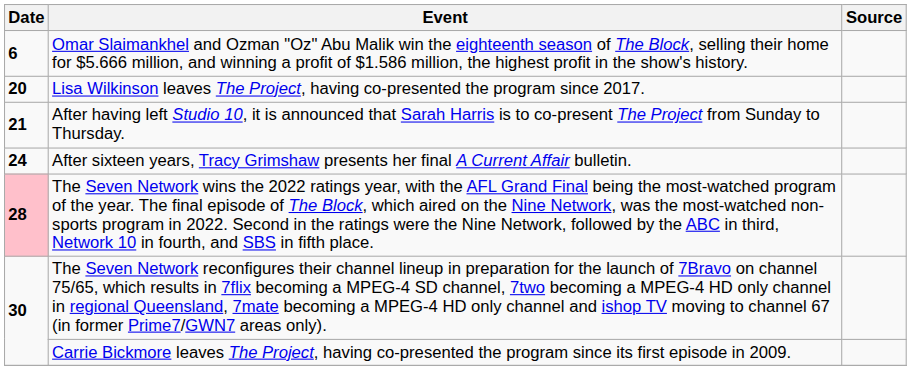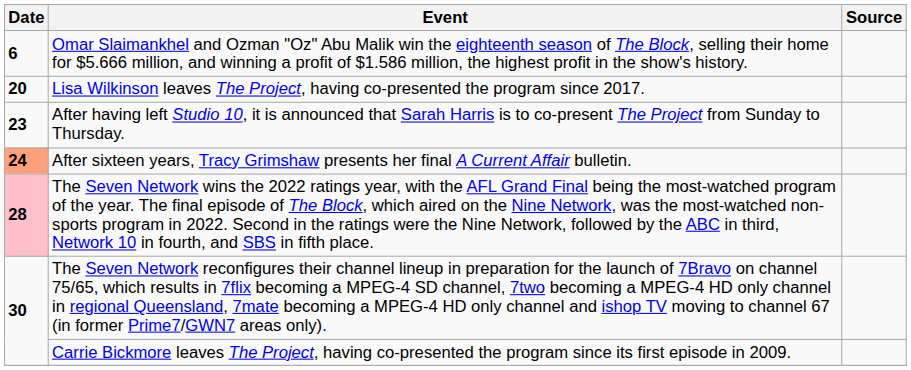 <table class="wikitable">
 <tr>
 <th>Date</th>
 <th>Event</th>
 <th>Source</th>
 </tr>
 <tr>
 <td><strong>6</strong></td>
 <td><a href='#'>Omar Slaimankhel</a> and Ozman "Oz" Abu Malik win the <a href='#'>eighteenth season</a> of <em><a href='#'>The Block</a></em>, selling their home for $5.666 million, and winning a profit of $1.586 million, the highest profit in the show's history.</td>
 <td></td>
 </tr>
 <tr>
 <td><strong>20</strong></td>
 <td><a href='#'>Lisa Wilkinson</a> leaves <em><a href='#'>The Project</a></em>, having co-presented the program since 2017.</td>
 <td></td>
 </tr>
 <tr>
-<td><strong>21</strong></td>
+<td><strong>23</strong></td>
 <td>After having left <em><a href='#'>Studio 10</a></em>, it is announced that <a href='#'>Sarah Harris</a> is to co-present <em><a href='#'>The Project</a></em> from Sunday to Thursday.</td>
 <td></td>
 </tr>
 <tr>
-<td><strong>24</strong></td>
+<td style="background: lightsalmon;"><strong>24</strong></td>
 <td>After sixteen years, <a href='#'>Tracy Grimshaw</a> presents her final <a href='#'><em>A Current Affair</em></a> bulletin.</td>
 <td></td>
 </tr>
 <tr>
 <td style="background: pink;"><strong>28</strong></td>
 <td>The <a href='#'>Seven Network</a> wins the 2022 ratings year, with the <a href='#'>AFL Grand Final</a> being the most-watched program of the year. The final episode of <em><a href='#'>The Block</a></em>, which aired on the <a href='#'>Nine Network</a>, was the most-watched non-sports program in 2022. Second in the ratings were the Nine Network, followed by the <a href='#'>ABC</a> in third, <a href='#'>Network 10</a> in fourth, and <a href='#'>SBS</a> in fifth place.</td>
 <td></td>
 </tr>
 <tr>
 <td rowspan=2><strong>30</strong></td>
 <td>The <a href='#'>Seven Network</a> reconfigures their channel lineup in preparation for the launch of <a href='#'>7Bravo</a> on channel 75/65, which results in <a href='#'>7flix</a> becoming a MPEG-4 SD channel, <a href='#'>7two</a> becoming a MPEG-4 HD only channel in <a href='#'>regional Queensland</a>, <a href='#'>7mate</a> becoming a MPEG-4 HD only channel and <a href='#'>ishop TV</a> moving to channel 67 (in former <a href='#'>Prime7</a>/<a href='#'>GWN7</a> areas only).</td>
 <td></td>
 </tr>
 <tr>
 <td><a href='#'>Carrie Bickmore</a> leaves <em><a href='#'>The Project</a></em>, having co-presented the program since its first episode in 2009.</td>
 <td></td>
 </tr>
 <tr>
 </tr>
 </table>
